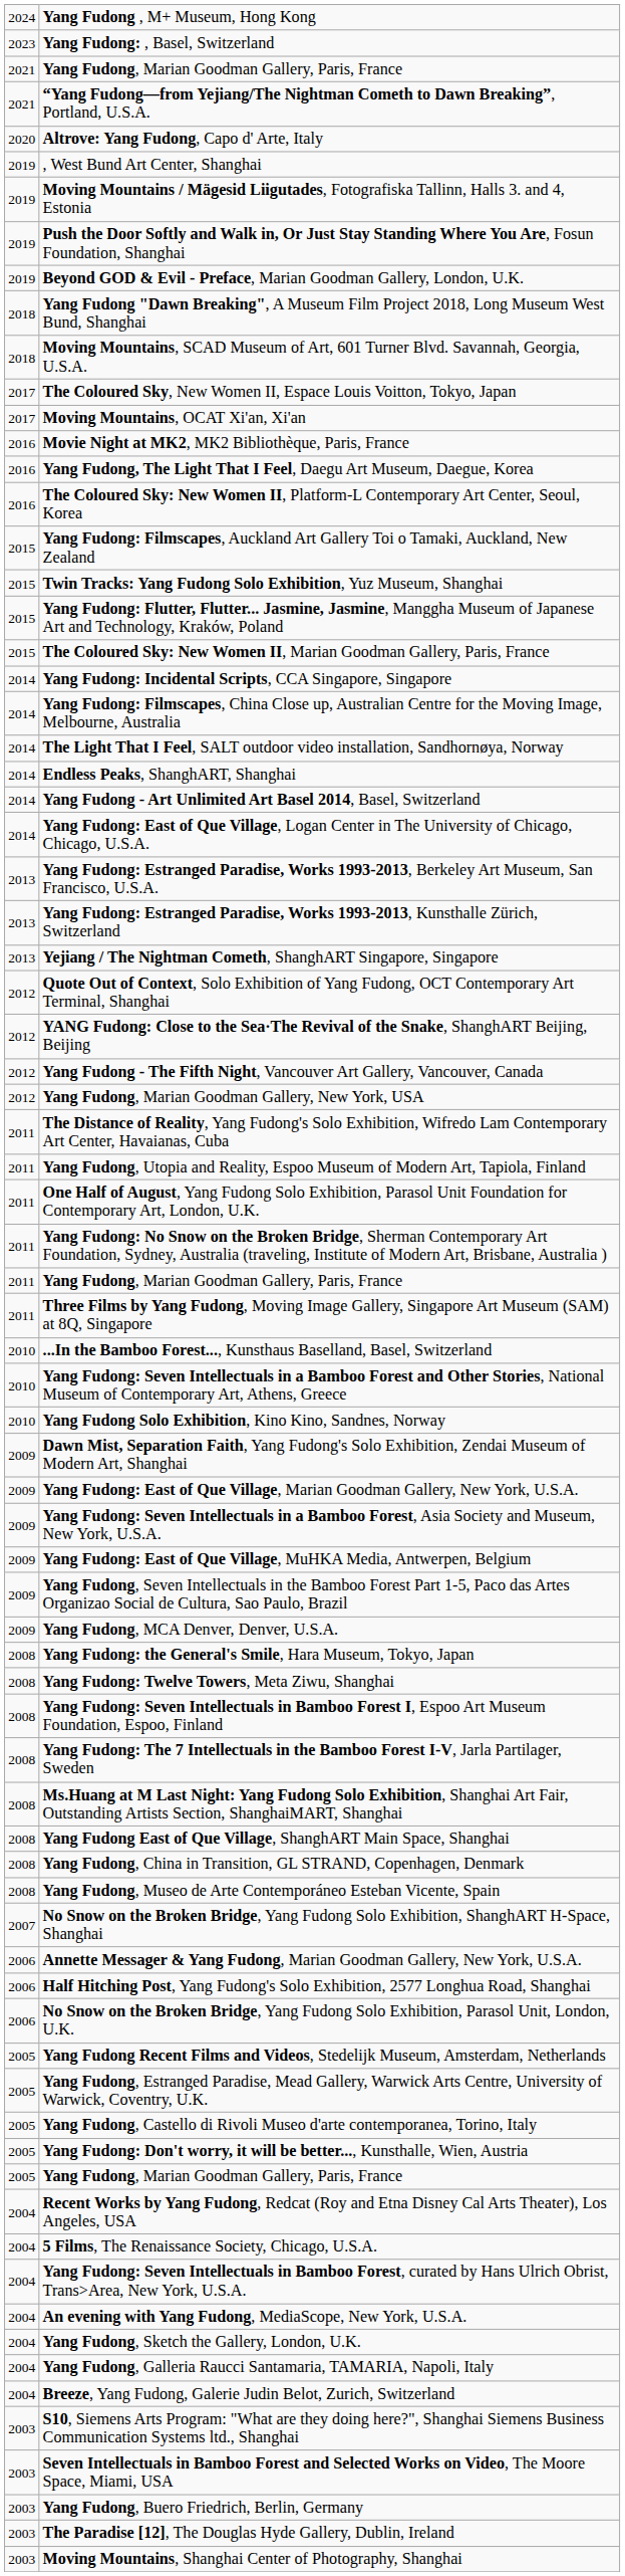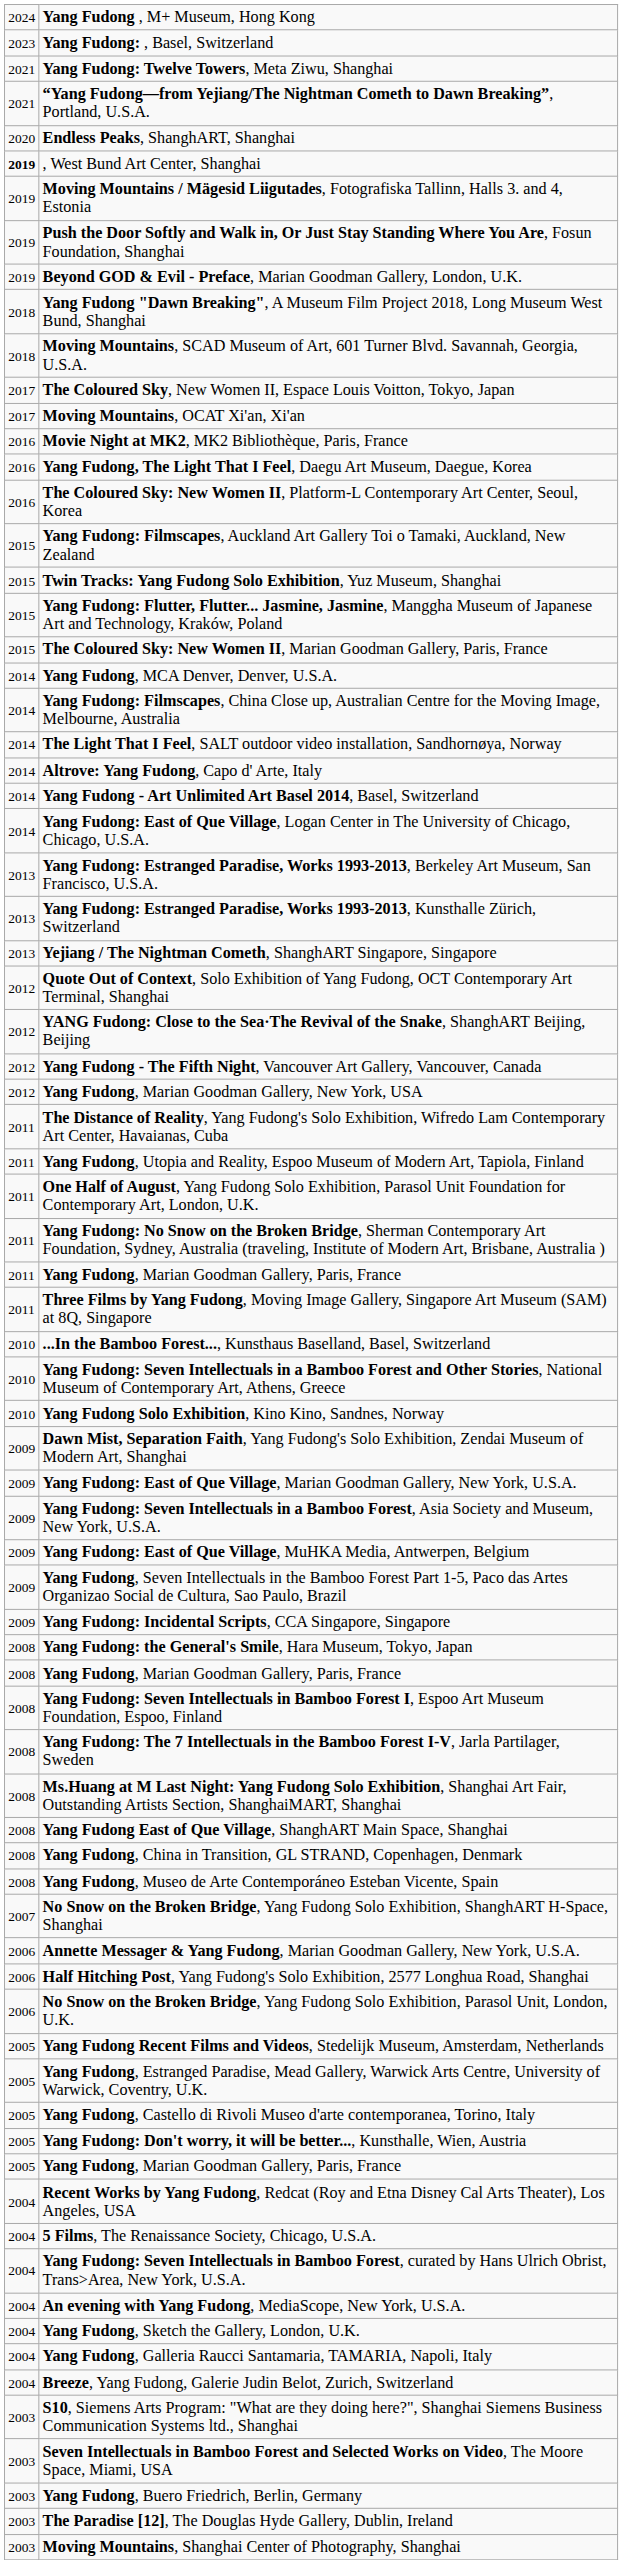 <table class="wikitable">
 <tr>
 <td><small>2024</small></td>
 <td><strong>Yang Fudong </strong>, M+ Museum, Hong Kong</td>
 </tr>
 <tr>
 <td><small>2023</small></td>
 <td><strong>Yang Fudong: </strong>, Basel, Switzerland</td>
 </tr>
 <tr>
 <td><small>2021</small></td>
-<td><strong>Yang Fudong</strong>, Marian Goodman Gallery, Paris, France</td>
+<td><strong>Yang Fudong: Twelve Towers</strong>, Meta Ziwu, Shanghai</td>
 </tr>
 <tr>
 <td><small>2021</small></td>
 <td><strong>“Yang Fudong—from Yejiang/The Nightman Cometh to Dawn Breaking”</strong>, Portland, U.S.A.</td>
 </tr>
 <tr>
 <td><small>2020</small></td>
-<td><strong>Altrove: Yang Fudong</strong>, Capo d' Arte, Italy</td>
+<td><strong>Endless Peaks</strong>, ShanghART, Shanghai</td>
 </tr>
 <tr>
-<td><small>2019</small></td>
+<td><strong><small>2019</small></strong></td>
 <td><strong></strong>, West Bund Art Center, Shanghai</td>
 </tr>
 <tr>
 <td><small>2019</small></td>
 <td><strong>Moving Mountains / Mägesid Liigutades</strong>, Fotografiska Tallinn, Halls 3. and 4, Estonia</td>
 </tr>
 <tr>
 <td><small>2019</small></td>
 <td><strong>Push the Door Softly and Walk in, Or Just Stay Standing Where You Are</strong>, Fosun Foundation, Shanghai</td>
 </tr>
 <tr>
 <td><small>2019</small></td>
 <td><strong>Beyond GOD & Evil - Preface</strong>, Marian Goodman Gallery, London, U.K.</td>
 </tr>
 <tr>
 <td><small>2018</small></td>
 <td><strong>Yang Fudong "Dawn Breaking"</strong>, A Museum Film Project 2018, Long Museum West Bund, Shanghai</td>
 </tr>
 <tr>
 <td><small>2018</small></td>
 <td><strong>Moving Mountains</strong>, SCAD Museum of Art, 601 Turner Blvd. Savannah, Georgia, U.S.A.</td>
 </tr>
 <tr>
 <td><small>2017</small></td>
 <td><strong>The Coloured Sky</strong>, New Women II, Espace Louis Voitton, Tokyo, Japan</td>
 </tr>
 <tr>
 <td><small>2017</small></td>
 <td><strong>Moving Mountains</strong>, OCAT Xi'an, Xi'an</td>
 </tr>
 <tr>
 <td><small>2016</small></td>
 <td><strong>Movie Night at MK2</strong>, MK2 Bibliothèque, Paris, France</td>
 </tr>
 <tr>
 <td><small>2016</small></td>
 <td><strong>Yang Fudong, The Light That I Feel</strong>, Daegu Art Museum, Daegue, Korea</td>
 </tr>
 <tr>
 <td><small>2016</small></td>
 <td><strong>The Coloured Sky: New Women II</strong>, Platform-L Contemporary Art Center, Seoul, Korea</td>
 </tr>
 <tr>
 <td><small>2015</small></td>
 <td><strong>Yang Fudong: Filmscapes</strong>, Auckland Art Gallery Toi o Tamaki, Auckland, New Zealand</td>
 </tr>
 <tr>
 <td><small>2015</small></td>
 <td><strong>Twin Tracks: Yang Fudong Solo Exhibition</strong>, Yuz Museum, Shanghai</td>
 </tr>
 <tr>
 <td><small>2015</small></td>
 <td><strong>Yang Fudong: Flutter, Flutter... Jasmine, Jasmine</strong>, Manggha Museum of Japanese Art and Technology, Kraków, Poland</td>
 </tr>
 <tr>
 <td><small>2015</small></td>
 <td><strong>The Coloured Sky: New Women II</strong>, Marian Goodman Gallery, Paris, France</td>
 </tr>
 <tr>
 <td><small>2014</small></td>
-<td><strong>Yang Fudong: Incidental Scripts</strong>, CCA Singapore, Singapore</td>
+<td><strong>Yang Fudong</strong>, MCA Denver, Denver, U.S.A.</td>
 </tr>
 <tr>
 <td><small>2014</small></td>
 <td><strong>Yang Fudong: Filmscapes</strong>, China Close up, Australian Centre for the Moving Image, Melbourne, Australia</td>
 </tr>
 <tr>
 <td><small>2014</small></td>
 <td><strong>The Light That I Feel</strong>, SALT outdoor video installation, Sandhornøya, Norway</td>
 </tr>
 <tr>
 <td><small>2014</small></td>
-<td><strong>Endless Peaks</strong>, ShanghART, Shanghai</td>
+<td><strong>Altrove: Yang Fudong</strong>, Capo d' Arte, Italy</td>
 </tr>
 <tr>
 <td><small>2014</small></td>
 <td><strong>Yang Fudong - Art Unlimited Art Basel 2014</strong>, Basel, Switzerland</td>
 </tr>
 <tr>
 <td><small>2014</small></td>
 <td><strong>Yang Fudong: East of Que Village</strong>, Logan Center in The University of Chicago, Chicago, U.S.A.</td>
 </tr>
 <tr>
 <td><small>2013</small></td>
 <td><strong>Yang Fudong: Estranged Paradise, Works 1993-2013</strong>, Berkeley Art Museum, San Francisco, U.S.A.</td>
 </tr>
 <tr>
 <td><small>2013</small></td>
 <td><strong>Yang Fudong: Estranged Paradise, Works 1993-2013</strong>, Kunsthalle Zürich, Switzerland</td>
 </tr>
 <tr>
 <td><small>2013</small></td>
 <td><strong>Yejiang / The Nightman Cometh</strong>, ShanghART Singapore, Singapore</td>
 </tr>
 <tr>
 <td><small>2012</small></td>
 <td><strong>Quote Out of Context</strong>, Solo Exhibition of Yang Fudong, OCT Contemporary Art Terminal, Shanghai</td>
 </tr>
 <tr>
 <td><small>2012</small></td>
 <td><strong>YANG Fudong: Close to the Sea·The Revival of the Snake</strong>, ShanghART Beijing, Beijing</td>
 </tr>
 <tr>
 <td><small>2012</small></td>
 <td><strong>Yang Fudong - The Fifth Night</strong>, Vancouver Art Gallery, Vancouver, Canada</td>
 </tr>
 <tr>
 <td><small>2012</small></td>
 <td><strong>Yang Fudong</strong>, Marian Goodman Gallery, New York, USA</td>
 </tr>
 <tr>
 <td><small>2011</small></td>
 <td><strong>The Distance of Reality</strong>, Yang Fudong's Solo Exhibition, Wifredo Lam Contemporary Art Center, Havaianas, Cuba</td>
 </tr>
 <tr>
 <td><small>2011</small></td>
 <td><strong>Yang Fudong</strong>, Utopia and Reality, Espoo Museum of Modern Art, Tapiola, Finland</td>
 </tr>
 <tr>
 <td><small>2011</small></td>
 <td><strong>One Half of August</strong>, Yang Fudong Solo Exhibition, Parasol Unit Foundation for Contemporary Art, London, U.K.</td>
 </tr>
 <tr>
 <td><small>2011</small></td>
 <td><strong>Yang Fudong: No Snow on the Broken Bridge</strong>, Sherman Contemporary Art Foundation, Sydney, Australia (traveling, Institute of Modern Art, Brisbane, Australia )</td>
 </tr>
 <tr>
 <td><small>2011</small></td>
 <td><strong>Yang Fudong</strong>, Marian Goodman Gallery, Paris, France</td>
 </tr>
 <tr>
 <td><small>2011</small></td>
 <td><strong>Three Films by Yang Fudong</strong>, Moving Image Gallery, Singapore Art Museum (SAM) at 8Q, Singapore</td>
 </tr>
 <tr>
 <td><small>2010</small></td>
 <td><strong>...In the Bamboo Forest...</strong>, Kunsthaus Baselland, Basel, Switzerland</td>
 </tr>
 <tr>
 <td><small>2010</small></td>
 <td><strong>Yang Fudong: Seven Intellectuals in a Bamboo Forest and Other Stories</strong>, National Museum of Contemporary Art, Athens, Greece</td>
 </tr>
 <tr>
 <td><small>2010</small></td>
 <td><strong>Yang Fudong Solo Exhibition</strong>, Kino Kino, Sandnes, Norway</td>
 </tr>
 <tr>
 <td><small>2009</small></td>
 <td><strong>Dawn Mist, Separation Faith</strong>, Yang Fudong's Solo Exhibition, Zendai Museum of Modern Art, Shanghai</td>
 </tr>
 <tr>
 <td><small>2009</small></td>
 <td><strong>Yang Fudong: East of Que Village</strong>, Marian Goodman Gallery, New York, U.S.A.</td>
 </tr>
 <tr>
 <td><small>2009</small></td>
 <td><strong>Yang Fudong: Seven Intellectuals in a Bamboo Forest</strong>, Asia Society and Museum, New York, U.S.A.</td>
 </tr>
 <tr>
 <td><small>2009</small></td>
 <td><strong>Yang Fudong: East of Que Village</strong>, MuHKA Media, Antwerpen, Belgium</td>
 </tr>
 <tr>
 <td><small>2009</small></td>
 <td><strong>Yang Fudong</strong>, Seven Intellectuals in the Bamboo Forest Part 1-5, Paco das Artes Organizao Social de Cultura, Sao Paulo, Brazil</td>
 </tr>
 <tr>
 <td><small>2009</small></td>
-<td><strong>Yang Fudong</strong>, MCA Denver, Denver, U.S.A.</td>
+<td><strong>Yang Fudong: Incidental Scripts</strong>, CCA Singapore, Singapore</td>
 </tr>
 <tr>
 <td><small>2008</small></td>
 <td><strong>Yang Fudong: the General's Smile</strong>, Hara Museum, Tokyo, Japan</td>
 </tr>
 <tr>
 <td><small>2008</small></td>
-<td><strong>Yang Fudong: Twelve Towers</strong>, Meta Ziwu, Shanghai</td>
+<td><strong>Yang Fudong</strong>, Marian Goodman Gallery, Paris, France</td>
 </tr>
 <tr>
 <td><small>2008</small></td>
 <td><strong>Yang Fudong: Seven Intellectuals in Bamboo Forest I</strong>, Espoo Art Museum Foundation, Espoo, Finland</td>
 </tr>
 <tr>
 <td><small>2008</small></td>
 <td><strong>Yang Fudong: The 7 Intellectuals in the Bamboo Forest I-V</strong>, Jarla Partilager, Sweden</td>
 </tr>
 <tr>
 <td><small>2008</small></td>
 <td><strong>Ms.Huang at M Last Night: Yang Fudong Solo Exhibition</strong>, Shanghai Art Fair, Outstanding Artists Section, ShanghaiMART, Shanghai</td>
 </tr>
 <tr>
 <td><small>2008</small></td>
 <td><strong>Yang Fudong East of Que Village</strong>, ShanghART Main Space, Shanghai</td>
 </tr>
 <tr>
 <td><small>2008</small></td>
 <td><strong>Yang Fudong</strong>, China in Transition, GL STRAND, Copenhagen, Denmark</td>
 </tr>
 <tr>
 <td><small>2008</small></td>
 <td><strong>Yang Fudong</strong>, Museo de Arte Contemporáneo Esteban Vicente, Spain</td>
 </tr>
 <tr>
 <td><small>2007</small></td>
 <td><strong>No Snow on the Broken Bridge</strong>, Yang Fudong Solo Exhibition, ShanghART H-Space, Shanghai</td>
 </tr>
 <tr>
 <td><small>2006</small></td>
 <td><strong>Annette Messager & Yang Fudong</strong>, Marian Goodman Gallery, New York, U.S.A.</td>
 </tr>
 <tr>
 <td><small>2006</small></td>
 <td><strong>Half Hitching Post</strong>, Yang Fudong's Solo Exhibition, 2577 Longhua Road, Shanghai</td>
 </tr>
 <tr>
 <td><small>2006</small></td>
 <td><strong>No Snow on the Broken Bridge</strong>, Yang Fudong Solo Exhibition, Parasol Unit, London, U.K.</td>
 </tr>
 <tr>
 <td><small>2005</small></td>
 <td><strong>Yang Fudong Recent Films and Videos</strong>, Stedelijk Museum, Amsterdam, Netherlands</td>
 </tr>
 <tr>
 <td><small>2005</small></td>
 <td><strong>Yang Fudong</strong>, Estranged Paradise, Mead Gallery, Warwick Arts Centre, University of Warwick, Coventry, U.K.</td>
 </tr>
 <tr>
 <td><small>2005</small></td>
 <td><strong>Yang Fudong</strong>, Castello di Rivoli Museo d'arte contemporanea, Torino, Italy</td>
 </tr>
 <tr>
 <td><small>2005</small></td>
 <td><strong>Yang Fudong: Don't worry, it will be better...</strong>, Kunsthalle, Wien, Austria</td>
 </tr>
 <tr>
 <td><small>2005</small></td>
 <td><strong>Yang Fudong</strong>, Marian Goodman Gallery, Paris, France</td>
 </tr>
 <tr>
 <td><small>2004</small></td>
 <td><strong>Recent Works by Yang Fudong</strong>, Redcat (Roy and Etna Disney Cal Arts Theater), Los Angeles, USA</td>
 </tr>
 <tr>
 <td><small>2004</small></td>
 <td><strong>5 Films</strong>, The Renaissance Society, Chicago, U.S.A.</td>
 </tr>
 <tr>
 <td><small>2004</small></td>
 <td><strong>Yang Fudong: Seven Intellectuals in Bamboo Forest</strong>, curated by Hans Ulrich Obrist, Trans>Area, New York, U.S.A.</td>
 </tr>
 <tr>
 <td><small>2004</small></td>
 <td><strong>An evening with Yang Fudong</strong>, MediaScope, New York, U.S.A.</td>
 </tr>
 <tr>
 <td><small>2004</small></td>
 <td><strong>Yang Fudong</strong>, Sketch the Gallery, London, U.K.</td>
 </tr>
 <tr>
 <td><small>2004</small></td>
 <td><strong>Yang Fudong</strong>, Galleria Raucci Santamaria, TAMARIA, Napoli, Italy</td>
 </tr>
 <tr>
 <td><small>2004</small></td>
 <td><strong>Breeze</strong>, Yang Fudong, Galerie Judin Belot, Zurich, Switzerland</td>
 </tr>
 <tr>
 <td><small>2003</small></td>
 <td><strong>S10</strong>, Siemens Arts Program: "What are they doing here?", Shanghai Siemens Business Communication Systems ltd., Shanghai</td>
 </tr>
 <tr>
 <td><small>2003</small></td>
 <td><strong>Seven Intellectuals in Bamboo Forest and Selected Works on Video</strong>, The Moore Space, Miami, USA</td>
 </tr>
 <tr>
 <td><small>2003</small></td>
 <td><strong>Yang Fudong</strong>, Buero Friedrich, Berlin, Germany</td>
 </tr>
 <tr>
 <td><small>2003</small></td>
 <td><strong>The Paradise [12]</strong>, The Douglas Hyde Gallery, Dublin, Ireland</td>
 </tr>
 <tr>
 <td><small>2003</small></td>
 <td><strong>Moving Mountains</strong>, Shanghai Center of Photography, Shanghai</td>
 </tr>
 </table>
